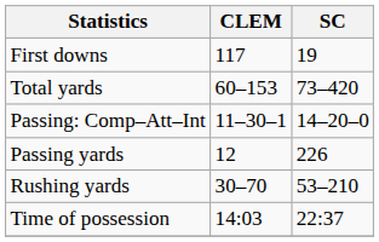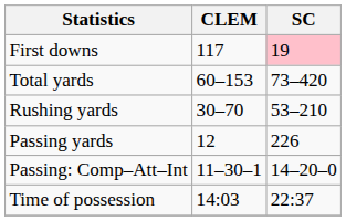 <table class="wikitable" style="float: left;">
 <tr>
 <th>Statistics</th>
 <th>CLEM</th>
 <th>SC</th>
 </tr>
 <tr>
 <td>First downs</td>
 <td>117</td>
-<td>19</td>
+<td style="background: pink;">19</td>
 </tr>
 <tr>
 <td>Total yards</td>
 <td>60–153</td>
 <td>73–420</td>
 </tr>
 <tr>
-<td>Passing: Comp–Att–Int</td>
-<td>11–30–1</td>
-<td>14–20–0</td>
+<td>Rushing yards</td>
+<td>30–70</td>
+<td>53–210</td>
 </tr>
 <tr>
 <td>Passing yards</td>
 <td>12</td>
 <td>226</td>
 </tr>
 <tr>
-<td>Rushing yards</td>
-<td>30–70</td>
-<td>53–210</td>
+<td>Passing: Comp–Att–Int</td>
+<td>11–30–1</td>
+<td>14–20–0</td>
 </tr>
 <tr>
 <td>Time of possession</td>
 <td>14:03</td>
 <td>22:37</td>
 </tr>
 <tr>
 </tr>
 </table>
